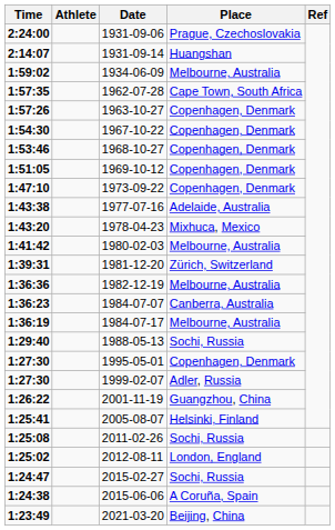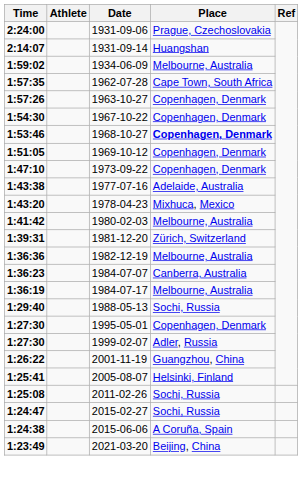 <table class="wikitable sortable" style="font-size:95%">
 <tr>
 <th>Time</th>
 <th>Athlete</th>
 <th>Date</th>
 <th>Place</th>
 <th>Ref</th>
 </tr>
 <tr>
 <td align=center><strong>2:24:00</strong></td>
 <td></td>
 <td>1931-09-06</td>
 <td><a href='#'>Prague, Czechoslovakia</a></td>
 </tr>
 <tr>
 <td align=center><strong>2:14:07</strong></td>
 <td></td>
 <td>1931-09-14</td>
 <td><a href='#'>Huangshan</a></td>
 </tr>
 <tr>
 <td align=center><strong>1:59:02</strong></td>
 <td></td>
 <td>1934-06-09</td>
 <td><a href='#'>Melbourne, Australia</a></td>
 </tr>
 <tr>
 <td align=center><strong>1:57:35</strong></td>
 <td></td>
 <td>1962-07-28</td>
 <td><a href='#'>Cape Town, South Africa</a></td>
 </tr>
 <tr>
 <td align=center><strong>1:57:26</strong></td>
 <td></td>
 <td>1963-10-27</td>
 <td><a href='#'>Copenhagen, Denmark</a></td>
 </tr>
 <tr>
 <td align=center><strong>1:54:30</strong></td>
 <td></td>
 <td>1967-10-22</td>
 <td><a href='#'>Copenhagen, Denmark</a></td>
 </tr>
 <tr>
 <td align=center><strong>1:53:46</strong></td>
 <td></td>
 <td>1968-10-27</td>
-<td><a href='#'>Copenhagen, Denmark</a></td>
+<td><strong><a href='#'>Copenhagen, Denmark</a></strong></td>
 </tr>
 <tr>
 <td align=center><strong>1:51:05</strong></td>
 <td></td>
 <td>1969-10-12</td>
 <td><a href='#'>Copenhagen, Denmark</a></td>
 </tr>
 <tr>
 <td align=center><strong>1:47:10</strong></td>
 <td></td>
 <td>1973-09-22</td>
 <td><a href='#'>Copenhagen, Denmark</a></td>
 </tr>
 <tr>
 <td align=center><strong>1:43:38</strong></td>
 <td></td>
 <td>1977-07-16</td>
 <td><a href='#'>Adelaide, Australia</a></td>
 </tr>
 <tr>
 <td align=center><strong>1:43:20</strong></td>
 <td></td>
 <td>1978-04-23</td>
 <td><a href='#'>Mixhuca</a>, <a href='#'>Mexico</a></td>
 </tr>
 <tr>
 <td align=center><strong>1:41:42</strong></td>
 <td></td>
 <td>1980-02-03</td>
 <td><a href='#'>Melbourne, Australia</a></td>
 </tr>
 <tr>
 <td align=center><strong>1:39:31</strong></td>
 <td></td>
 <td>1981-12-20</td>
 <td><a href='#'>Zürich, Switzerland</a></td>
 </tr>
 <tr>
 <td align=center><strong>1:36:36</strong></td>
 <td></td>
 <td>1982-12-19</td>
 <td><a href='#'>Melbourne, Australia</a></td>
 </tr>
 <tr>
 <td align=center><strong>1:36:23</strong></td>
 <td></td>
 <td>1984-07-07</td>
 <td><a href='#'>Canberra, Australia</a></td>
 </tr>
 <tr>
 <td align=center><strong>1:36:19</strong></td>
 <td></td>
 <td>1984-07-17</td>
 <td><a href='#'>Melbourne, Australia</a></td>
 </tr>
 <tr>
 <td align=center><strong>1:29:40</strong></td>
 <td></td>
 <td>1988-05-13</td>
 <td><a href='#'>Sochi, Russia</a></td>
 </tr>
 <tr>
 <td align=center><strong>1:27:30</strong></td>
 <td></td>
 <td>1995-05-01</td>
 <td><a href='#'>Copenhagen, Denmark</a></td>
 </tr>
 <tr>
 <td align=center><strong>1:27:30</strong></td>
 <td></td>
 <td>1999-02-07</td>
 <td><a href='#'>Adler</a>, <a href='#'>Russia</a></td>
 </tr>
 <tr>
 <td align=center><strong>1:26:22</strong></td>
 <td></td>
 <td>2001-11-19</td>
 <td><a href='#'>Guangzhou</a>, <a href='#'>China</a></td>
 </tr>
 <tr>
 <td align=center><strong>1:25:41</strong></td>
 <td></td>
 <td>2005-08-07</td>
 <td><a href='#'>Helsinki, Finland</a></td>
 </tr>
 <tr>
 <td align=center><strong>1:25:08</strong></td>
 <td></td>
 <td>2011-02-26</td>
 <td><a href='#'>Sochi, Russia</a></td>
 <td></td>
 </tr>
 <tr>
-<td align=center><strong>1:25:02</strong></td>
-<td></td>
-<td>2012-08-11</td>
-<td><a href='#'>London, England</a></td>
-<td></td>
-</tr>
-<tr>
 <td align=center><strong>1:24:47</strong></td>
 <td></td>
 <td>2015-02-27</td>
 <td><a href='#'>Sochi, Russia</a></td>
 <td></td>
 </tr>
 <tr>
 <td align=center><strong>1:24:38</strong></td>
 <td></td>
 <td>2015-06-06</td>
 <td><a href='#'>A Coruña, Spain</a></td>
 <td></td>
 </tr>
 <tr>
 <td align=center><strong>1:23:49</strong></td>
 <td></td>
 <td>2021-03-20</td>
 <td><a href='#'>Beijing</a>, <a href='#'>China</a></td>
 <td></td>
 </tr>
 </table>
